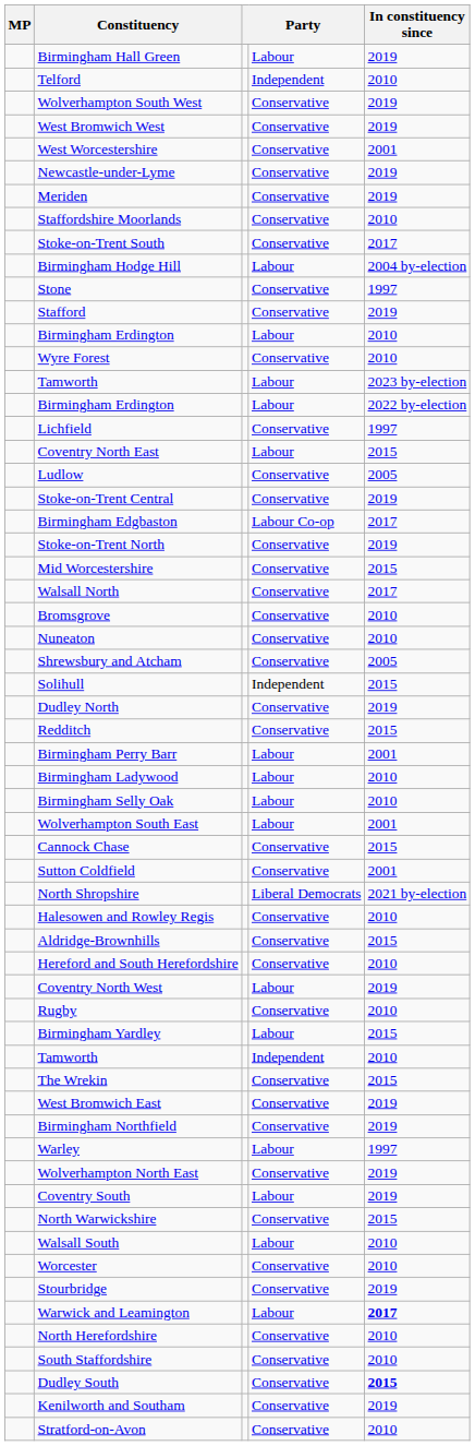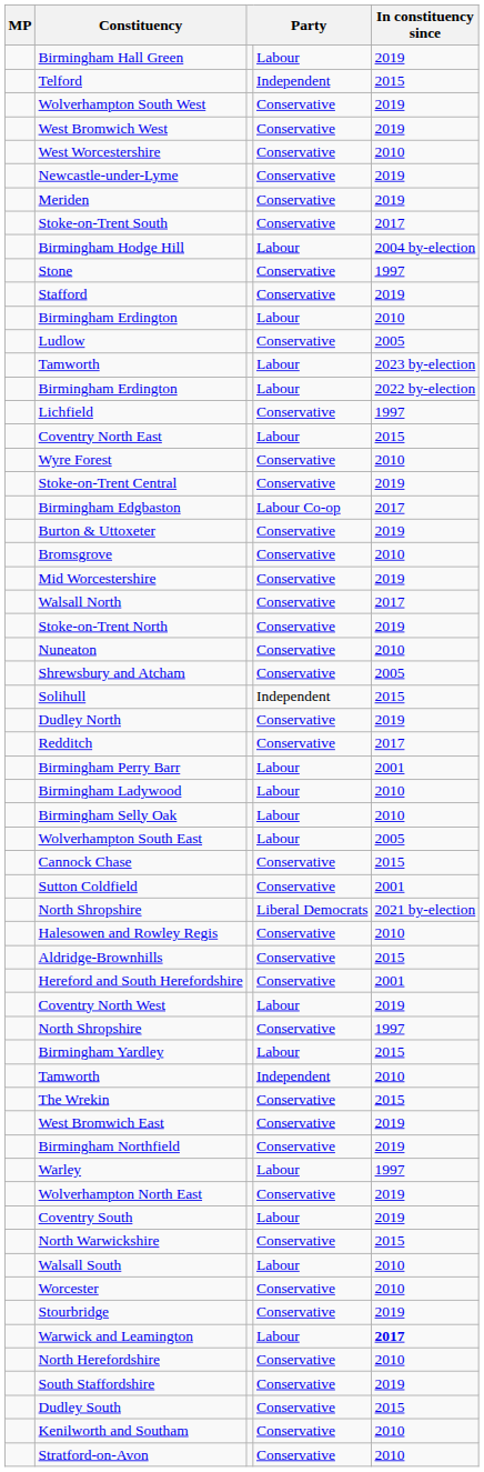 <table class="wikitable sortable">
 <tr>
 <th>MP</th>
 <th>Constituency</th>
 <th colspan = "2" !>Party</th>
 <th>In constituency<br>since</th>
 </tr>
 <tr>
 <td></td>
 <td><a href='#'>Birmingham Hall Green</a></td>
 <td style="color:inherit;background:"></td>
 <td><a href='#'>Labour</a></td>
 <td><a href='#'>2019</a></td>
 </tr>
 <tr>
 <td></td>
 <td><a href='#'>Telford</a></td>
 <td style="color:inherit;background:"></td>
 <td><a href='#'>Independent</a></td>
-<td><a href='#'>2010</a></td>
+<td><a href='#'>2015</a></td>
 </tr>
 <tr>
 <td></td>
 <td><a href='#'>Wolverhampton South West</a></td>
 <td style="color:inherit;background:"></td>
 <td><a href='#'>Conservative</a></td>
 <td><a href='#'>2019</a></td>
 </tr>
 <tr>
 <td></td>
 <td><a href='#'>West Bromwich West</a></td>
 <td style="color:inherit;background:"></td>
 <td><a href='#'>Conservative</a></td>
 <td><a href='#'>2019</a></td>
 </tr>
 <tr>
 <td></td>
 <td><a href='#'>West Worcestershire</a></td>
 <td style="color:inherit;background:"></td>
 <td><a href='#'>Conservative</a></td>
-<td><a href='#'>2001</a></td>
+<td><a href='#'>2010</a></td>
 </tr>
 <tr>
 <td></td>
 <td><a href='#'>Newcastle-under-Lyme</a></td>
 <td style="color:inherit;background:"></td>
 <td><a href='#'>Conservative</a></td>
 <td><a href='#'>2019</a></td>
 </tr>
 <tr>
 <td></td>
 <td><a href='#'>Meriden</a></td>
 <td style="color:inherit;background:"></td>
 <td><a href='#'>Conservative</a></td>
 <td><a href='#'>2019</a></td>
-</tr>
-<tr>
-<td></td>
-<td><a href='#'>Staffordshire Moorlands</a></td>
-<td style="color:inherit;background:"></td>
-<td><a href='#'>Conservative</a></td>
-<td><a href='#'>2010</a></td>
 </tr>
 <tr>
 <td></td>
 <td><a href='#'>Stoke-on-Trent South</a></td>
 <td style="color:inherit;background:"></td>
 <td><a href='#'>Conservative</a></td>
 <td><a href='#'>2017</a></td>
 </tr>
 <tr>
 <td></td>
 <td><a href='#'>Birmingham Hodge Hill</a></td>
 <td style="color:inherit;background:"></td>
 <td><a href='#'>Labour</a></td>
 <td><a href='#'>2004 by-election</a></td>
 </tr>
 <tr>
 <td></td>
 <td><a href='#'>Stone</a></td>
 <td style="color:inherit;background:"></td>
 <td><a href='#'>Conservative</a></td>
 <td><a href='#'>1997</a></td>
 </tr>
 <tr>
 <td></td>
 <td><a href='#'>Stafford</a></td>
 <td style="color:inherit;background:"></td>
 <td><a href='#'>Conservative</a></td>
 <td><a href='#'>2019</a></td>
 </tr>
 <tr>
 <td><em></em></td>
 <td><a href='#'>Birmingham Erdington</a></td>
 <td style="color:inherit;background:"></td>
 <td><a href='#'>Labour</a></td>
 <td><a href='#'>2010</a></td>
 </tr>
 <tr>
 <td></td>
-<td><a href='#'>Wyre Forest</a></td>
+<td><a href='#'>Ludlow</a></td>
 <td style="color:inherit;background:"></td>
 <td><a href='#'>Conservative</a></td>
-<td><a href='#'>2010</a></td>
+<td><a href='#'>2005</a></td>
 </tr>
 <tr>
 <td></td>
 <td><a href='#'>Tamworth</a></td>
 <td style="color:inherit;background:"></td>
 <td><a href='#'>Labour</a></td>
 <td><a href='#'>2023 by-election</a></td>
 </tr>
 <tr>
 <td></td>
 <td><a href='#'>Birmingham Erdington</a></td>
 <td style="color:inherit;background:"></td>
 <td><a href='#'>Labour</a></td>
 <td><a href='#'>2022 by-election</a></td>
 </tr>
 <tr>
 <td></td>
 <td><a href='#'>Lichfield</a></td>
 <td style="color:inherit;background:"></td>
 <td><a href='#'>Conservative</a></td>
 <td><a href='#'>1997</a></td>
 </tr>
 <tr>
 <td></td>
 <td><a href='#'>Coventry North East</a></td>
 <td style="color:inherit;background:"></td>
 <td><a href='#'>Labour</a></td>
 <td><a href='#'>2015</a></td>
 </tr>
 <tr>
 <td></td>
-<td><a href='#'>Ludlow</a></td>
+<td><a href='#'>Wyre Forest</a></td>
 <td style="color:inherit;background:"></td>
 <td><a href='#'>Conservative</a></td>
-<td><a href='#'>2005</a></td>
+<td><a href='#'>2010</a></td>
 </tr>
 <tr>
 <td></td>
 <td><a href='#'>Stoke-on-Trent Central</a></td>
 <td style="color:inherit;background:"></td>
 <td><a href='#'>Conservative</a></td>
 <td><a href='#'>2019</a></td>
 </tr>
 <tr>
 <td></td>
 <td><a href='#'>Birmingham Edgbaston</a></td>
 <td style="color:inherit;background:"></td>
 <td><a href='#'>Labour Co-op</a></td>
 <td><a href='#'>2017</a></td>
 </tr>
 <tr>
 <td></td>
-<td><a href='#'>Stoke-on-Trent North</a></td>
+<td><a href='#'>Burton & Uttoxeter</a></td>
 <td style="color:inherit;background:"></td>
 <td><a href='#'>Conservative</a></td>
 <td><a href='#'>2019</a></td>
 </tr>
 <tr>
 <td></td>
+<td><a href='#'>Bromsgrove</a></td>
+<td style="color:inherit;background:"></td>
+<td><a href='#'>Conservative</a></td>
+<td><a href='#'>2010</a></td>
+</tr>
+<tr>
+<td></td>
 <td><a href='#'>Mid Worcestershire</a></td>
 <td style="color:inherit;background:"></td>
 <td><a href='#'>Conservative</a></td>
-<td><a href='#'>2015</a></td>
+<td><a href='#'>2019</a></td>
 </tr>
 <tr>
 <td></td>
 <td><a href='#'>Walsall North</a></td>
 <td style="color:inherit;background:"></td>
 <td><a href='#'>Conservative</a></td>
 <td><a href='#'>2017</a></td>
 </tr>
 <tr>
 <td></td>
-<td><a href='#'>Bromsgrove</a></td>
+<td><a href='#'>Stoke-on-Trent North</a></td>
 <td style="color:inherit;background:"></td>
 <td><a href='#'>Conservative</a></td>
-<td><a href='#'>2010</a></td>
+<td><a href='#'>2019</a></td>
 </tr>
 <tr>
 <td></td>
 <td><a href='#'>Nuneaton</a></td>
 <td style="color:inherit;background:"></td>
 <td><a href='#'>Conservative</a></td>
 <td><a href='#'>2010</a></td>
 </tr>
 <tr>
 <td></td>
 <td><a href='#'>Shrewsbury and Atcham</a></td>
 <td style="color:inherit;background:"></td>
 <td><a href='#'>Conservative</a></td>
 <td><a href='#'>2005</a></td>
 </tr>
 <tr>
 <td></td>
 <td><a href='#'>Solihull</a></td>
 <td style="color:inherit;background:"></td>
 <td>Independent</td>
 <td><a href='#'>2015</a></td>
 </tr>
 <tr>
 <td></td>
 <td><a href='#'>Dudley North</a></td>
 <td style="color:inherit;background:"></td>
 <td><a href='#'>Conservative</a></td>
 <td><a href='#'>2019</a></td>
 </tr>
 <tr>
 <td></td>
 <td><a href='#'>Redditch</a></td>
 <td style="color:inherit;background:"></td>
 <td><a href='#'>Conservative</a></td>
-<td><a href='#'>2015</a></td>
+<td><a href='#'>2017</a></td>
 </tr>
 <tr>
 <td></td>
 <td><a href='#'>Birmingham Perry Barr</a></td>
 <td style="color:inherit;background:"></td>
 <td><a href='#'>Labour</a></td>
 <td><a href='#'>2001</a></td>
 </tr>
 <tr>
 <td></td>
 <td><a href='#'>Birmingham Ladywood</a></td>
 <td style="color:inherit;background:"></td>
 <td><a href='#'>Labour</a></td>
 <td><a href='#'>2010</a></td>
 </tr>
 <tr>
 <td></td>
 <td><a href='#'>Birmingham Selly Oak</a></td>
 <td style="color:inherit;background:"></td>
 <td><a href='#'>Labour</a></td>
 <td><a href='#'>2010</a></td>
 </tr>
 <tr>
 <td></td>
 <td><a href='#'>Wolverhampton South East</a></td>
 <td style="color:inherit;background:"></td>
 <td><a href='#'>Labour</a></td>
-<td><a href='#'>2001</a></td>
+<td><a href='#'>2005</a></td>
 </tr>
 <tr>
 <td></td>
 <td><a href='#'>Cannock Chase</a></td>
 <td style="color:inherit;background:"></td>
 <td><a href='#'>Conservative</a></td>
 <td><a href='#'>2015</a></td>
 </tr>
 <tr>
 <td></td>
 <td><a href='#'>Sutton Coldfield</a></td>
 <td style="color:inherit;background:"></td>
 <td><a href='#'>Conservative</a></td>
 <td><a href='#'>2001</a></td>
 </tr>
 <tr>
 <td></td>
 <td><a href='#'>North Shropshire</a></td>
 <td style="color:inherit;background:"></td>
 <td><a href='#'>Liberal Democrats</a></td>
 <td><a href='#'>2021 by-election</a></td>
 </tr>
 <tr>
 <td></td>
 <td><a href='#'>Halesowen and Rowley Regis</a></td>
 <td style="color:inherit;background:"></td>
 <td><a href='#'>Conservative</a></td>
 <td><a href='#'>2010</a></td>
 </tr>
 <tr>
 <td></td>
 <td><a href='#'>Aldridge-Brownhills</a></td>
 <td style="color:inherit;background:"></td>
 <td><a href='#'>Conservative</a></td>
 <td><a href='#'>2015</a></td>
 </tr>
 <tr>
 <td></td>
 <td><a href='#'>Hereford and South Herefordshire</a></td>
 <td style="color:inherit;background:"></td>
 <td><a href='#'>Conservative</a></td>
-<td><a href='#'>2010</a></td>
+<td><a href='#'>2001</a></td>
 </tr>
 <tr>
 <td></td>
 <td><a href='#'>Coventry North West</a></td>
 <td style="color:inherit;background:"></td>
 <td><a href='#'>Labour</a></td>
 <td><a href='#'>2019</a></td>
 </tr>
 <tr>
-<td></td>
-<td><a href='#'>Rugby</a></td>
+<td><em></em></td>
+<td><a href='#'>North Shropshire</a></td>
 <td style="color:inherit;background:"></td>
 <td><a href='#'>Conservative</a></td>
-<td><a href='#'>2010</a></td>
+<td><a href='#'>1997</a></td>
 </tr>
 <tr>
 <td></td>
 <td><a href='#'>Birmingham Yardley</a></td>
 <td style="color:inherit;background:"></td>
 <td><a href='#'>Labour</a></td>
 <td><a href='#'>2015</a></td>
 </tr>
 <tr>
 <td><em></em></td>
 <td><a href='#'>Tamworth</a></td>
 <td style="color:inherit;background:"></td>
 <td><a href='#'>Independent</a></td>
 <td><a href='#'>2010</a></td>
 </tr>
 <tr>
 <td></td>
 <td><a href='#'>The Wrekin</a></td>
 <td style="color:inherit;background:"></td>
 <td><a href='#'>Conservative</a></td>
 <td><a href='#'>2015</a></td>
 </tr>
 <tr>
 <td></td>
 <td><a href='#'>West Bromwich East</a></td>
 <td style="color:inherit;background:"></td>
 <td><a href='#'>Conservative</a></td>
 <td><a href='#'>2019</a></td>
 </tr>
 <tr>
 <td></td>
 <td><a href='#'>Birmingham Northfield</a></td>
 <td style="color:inherit;background:"></td>
 <td><a href='#'>Conservative</a></td>
 <td><a href='#'>2019</a></td>
 </tr>
 <tr>
 <td></td>
 <td><a href='#'>Warley</a></td>
 <td style="color:inherit;background:"></td>
 <td><a href='#'>Labour</a></td>
 <td><a href='#'>1997</a></td>
 </tr>
 <tr>
 <td></td>
 <td><a href='#'>Wolverhampton North East</a></td>
 <td style="color:inherit;background:"></td>
 <td><a href='#'>Conservative</a></td>
 <td><a href='#'>2019</a></td>
 </tr>
 <tr>
 <td></td>
 <td><a href='#'>Coventry South</a></td>
 <td style="color:inherit;background:"></td>
 <td><a href='#'>Labour</a></td>
 <td><a href='#'>2019</a></td>
 </tr>
 <tr>
 <td></td>
 <td><a href='#'>North Warwickshire</a></td>
 <td style="color:inherit;background:"></td>
 <td><a href='#'>Conservative</a></td>
 <td><a href='#'>2015</a></td>
 </tr>
 <tr>
 <td></td>
 <td><a href='#'>Walsall South</a></td>
 <td style="color:inherit;background:"></td>
 <td><a href='#'>Labour</a></td>
 <td><a href='#'>2010</a></td>
 </tr>
 <tr>
 <td></td>
 <td><a href='#'>Worcester</a></td>
 <td style="color:inherit;background:"></td>
 <td><a href='#'>Conservative</a></td>
 <td><a href='#'>2010</a></td>
 </tr>
 <tr>
 <td></td>
 <td><a href='#'>Stourbridge</a></td>
 <td style="color:inherit;background:"></td>
 <td><a href='#'>Conservative</a></td>
 <td><a href='#'>2019</a></td>
 </tr>
 <tr>
 <td></td>
 <td><a href='#'>Warwick and Leamington</a></td>
 <td style="color:inherit;background:"></td>
 <td><a href='#'>Labour</a></td>
 <td><strong><a href='#'>2017</a></strong></td>
 </tr>
 <tr>
 <td></td>
 <td><a href='#'>North Herefordshire</a></td>
 <td style="color:inherit;background:"></td>
 <td><a href='#'>Conservative</a></td>
 <td><a href='#'>2010</a></td>
 </tr>
 <tr>
 <td></td>
 <td><a href='#'>South Staffordshire</a></td>
 <td style="color:inherit;background:"></td>
 <td><a href='#'>Conservative</a></td>
-<td><a href='#'>2010</a></td>
+<td><a href='#'>2019</a></td>
 </tr>
 <tr>
 <td></td>
 <td><a href='#'>Dudley South</a></td>
 <td style="color:inherit;background:"></td>
 <td><a href='#'>Conservative</a></td>
-<td><strong><a href='#'>2015</a></strong></td>
+<td><a href='#'>2015</a></td>
 </tr>
 <tr>
 <td></td>
 <td><a href='#'>Kenilworth and Southam</a></td>
 <td style="color:inherit;background:"></td>
 <td><a href='#'>Conservative</a></td>
-<td><a href='#'>2019</a></td>
+<td><a href='#'>2010</a></td>
 </tr>
 <tr>
 <td></td>
 <td><a href='#'>Stratford-on-Avon</a></td>
 <td style="color:inherit;background:"></td>
 <td><a href='#'>Conservative</a></td>
 <td><a href='#'>2010</a></td>
 </tr>
 </table>
